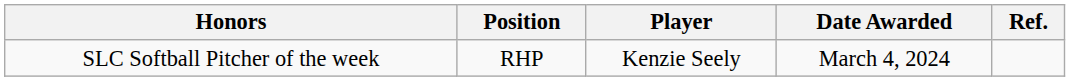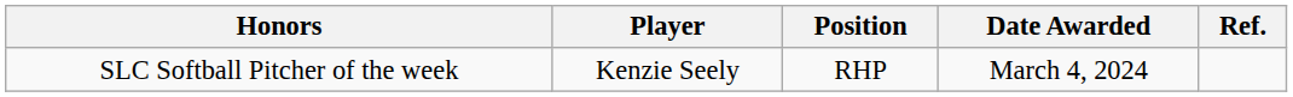 <table class="wikitable" style="width: 60%;text-align: center;">
 <tr>
 <th>Honors</th>
+<th>Player</th>
 <th>Position</th>
-<th>Player</th>
 <th>Date Awarded</th>
 <th>Ref.</th>
 </tr>
 <tr align="center">
 <td rowspan="1">SLC Softball Pitcher of the week</td>
+<td>Kenzie Seely</td>
 <td>RHP</td>
-<td>Kenzie Seely</td>
 <td>March 4, 2024</td>
 <td></td>
 </tr>
 </table>
